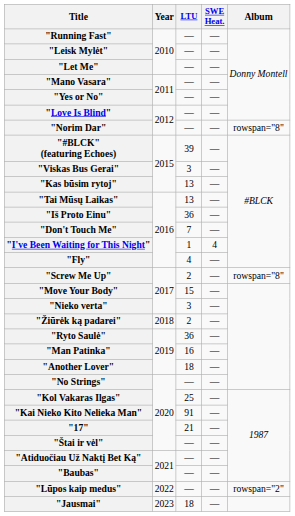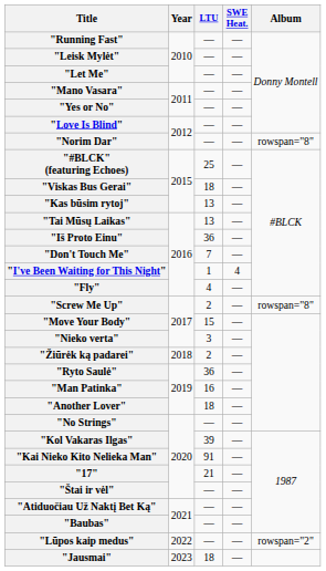 <table class="wikitable plainrowheaders" style="text-align:center;">
 <tr>
 <th>Title</th>
 <th>Year</th>
 <th scope="col" style="width:2.5em;font-size:90%;"><a href='#'>LTU</a></th>
 <th scope="col" style="width:2.5em;font-size:90%;"><a href='#'>SWE <br>Heat.</a><br></th>
 <th>Album</th>
 </tr>
 <tr>
 <th scope="row">"Running Fast"</th>
 <td rowspan="3">2010</td>
 <td rowspan="1">—</td>
 <td rowspan="1">—</td>
 <td rowspan="6"><em>Donny Montell</em></td>
 </tr>
 <tr>
 <th scope="row">"Leisk Mylėt"</th>
 <td rowspan="1">—</td>
 <td rowspan="1">—</td>
 </tr>
 <tr>
 <th scope="row">"Let Me"</th>
 <td rowspan="1">—</td>
 <td rowspan="1">—</td>
 </tr>
 <tr>
 <th scope="row">"Mano Vasara"</th>
 <td rowspan="2">2011</td>
 <td rowspan="1">—</td>
 <td rowspan="1">—</td>
 </tr>
 <tr>
 <th scope="row">"Yes or No"</th>
 <td rowspan="1">—</td>
 <td rowspan="1">—</td>
 </tr>
 <tr>
 <th scope="row">"<a href='#'>Love Is Blind</a>"</th>
 <td rowspan="2">2012</td>
 <td rowspan="1">—</td>
 <td rowspan="1">—</td>
 </tr>
 <tr>
 <th scope="row">"Norim Dar"</th>
 <td rowspan="1">—</td>
 <td rowspan="1">—</td>
 <td>rowspan="8" </td>
 </tr>
 <tr>
 <th scope="row">"#BLCK"<br><span>(featuring Echoes)</span></th>
 <td rowspan="3">2015</td>
-<td rowspan="1">39</td>
+<td rowspan="1">25</td>
 <td rowspan="1">—</td>
 <td rowspan="8"><em>#BLCK</em></td>
 </tr>
 <tr>
 <th scope="row">"Viskas Bus Gerai"</th>
-<td rowspan="1">3</td>
+<td>18</td>
 <td rowspan="1">—</td>
 </tr>
 <tr>
 <th scope="row">"Kas būsim rytoj"</th>
 <td rowspan="1">13</td>
 <td rowspan="1">—</td>
 </tr>
 <tr>
 <th scope="row">"Tai Mūsų Laikas"</th>
 <td rowspan="5">2016</td>
 <td rowspan="1">13</td>
 <td rowspan="1">—</td>
 </tr>
 <tr>
 <th scope="row">"Iš Proto Einu"</th>
 <td rowspan="1">36</td>
 <td rowspan="1">—</td>
 </tr>
 <tr>
 <th scope="row">"Don't Touch Me"</th>
 <td rowspan="1">7</td>
 <td rowspan="1">—</td>
 </tr>
 <tr>
 <th scope="row">"<a href='#'>I've Been Waiting for This Night</a>"</th>
 <td rowspan="1">1</td>
 <td rowspan="1">4</td>
 </tr>
 <tr>
 <th scope="row">"Fly"</th>
 <td rowspan="1">4</td>
 <td rowspan="1">—</td>
 </tr>
 <tr>
 <th scope="row">"Screw Me Up"</th>
 <td rowspan="3">2017</td>
 <td rowspan="1">2</td>
 <td rowspan="1">—</td>
 <td>rowspan="8" </td>
 </tr>
 <tr>
 <th scope="row">"Move Your Body"</th>
 <td rowspan="1">15</td>
 <td rowspan="1">—</td>
 </tr>
 <tr>
 <th scope="row">"Nieko verta"<br></th>
 <td rowspan="1">3</td>
 <td rowspan="1">—</td>
 </tr>
 <tr>
 <th scope="row">"Žiūrėk ką padarei"</th>
 <td rowspan="1">2018</td>
 <td rowspan="1">2</td>
 <td rowspan="1">—</td>
 </tr>
 <tr>
 <th scope="row">"Ryto Saulė"</th>
 <td rowspan="3">2019</td>
 <td rowspan="1">36</td>
 <td rowspan="1">—</td>
 </tr>
 <tr>
 <th scope="row">"Man Patinka"</th>
 <td rowspan="1">16</td>
 <td rowspan="1">—</td>
 </tr>
 <tr>
 <th scope="row">"Another Lover"<br></th>
 <td rowspan="1">18</td>
 <td rowspan="1">—</td>
 </tr>
 <tr>
 <th scope="row">"No Strings"</th>
 <td rowspan="5">2020</td>
 <td rowspan="1">—</td>
 <td rowspan="1">—</td>
 </tr>
 <tr>
 <th scope="row">"Kol Vakaras Ilgas"</th>
-<td rowspan="1">25</td>
+<td rowspan="1">39</td>
 <td rowspan="1">—</td>
 <td rowspan="6"><em>1987</em></td>
 </tr>
 <tr>
 <th scope="row">"Kai Nieko Kito Nelieka Man"</th>
 <td rowspan="1">91</td>
 <td rowspan="1">—</td>
 </tr>
 <tr>
 <th scope="row">"17"<br></th>
 <td rowspan="1">21</td>
 <td rowspan="1">—</td>
 </tr>
 <tr>
 <th scope="row">"Štai ir vėl"</th>
 <td rowspan="1">—</td>
 <td rowspan="1">—</td>
 </tr>
 <tr>
 <th scope="row">"Atiduočiau Už Naktį Bet Ką"</th>
 <td rowspan="2">2021</td>
 <td rowspan="1">—</td>
 <td rowspan="1">—</td>
 </tr>
 <tr>
 <th scope="row">"Baubas"</th>
 <td rowspan="1">—</td>
 <td rowspan="1">—</td>
 </tr>
 <tr>
 <th scope="row">"Lūpos kaip medus"</th>
 <td>2022</td>
 <td>—</td>
 <td>—</td>
 <td>rowspan="2" </td>
 </tr>
 <tr>
 <th scope="row">"Jausmai"</th>
 <td>2023</td>
 <td>18</td>
 <td>—</td>
 </tr>
 </table>
